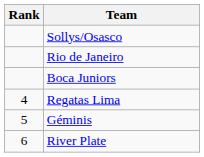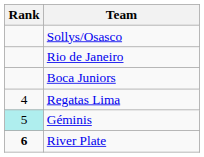 <table class="wikitable" style="text-align: center;">
 <tr>
 <th width=40>Rank</th>
 <th width=180>Team</th>
 </tr>
 <tr align=center>
 <td></td>
 <td style="text-align:left;"> <a href='#'>Sollys/Osasco</a></td>
 </tr>
 <tr align=center>
 <td></td>
 <td style="text-align:left;"> <a href='#'>Rio de Janeiro</a></td>
 </tr>
 <tr align=center>
 <td></td>
 <td style="text-align:left;"> <a href='#'>Boca Juniors</a></td>
 </tr>
 <tr align=center>
 <td>4</td>
 <td style="text-align:left;"> <a href='#'>Regatas Lima</a></td>
 </tr>
 <tr align=center>
-<td>5</td>
+<td style="background: paleturquoise;">5</td>
 <td style="text-align:left;"> <a href='#'>Géminis</a></td>
 </tr>
 <tr align=center>
-<td>6</td>
+<td><strong>6</strong></td>
 <td style="text-align:left;"> <a href='#'>River Plate</a></td>
 </tr>
 </table>
